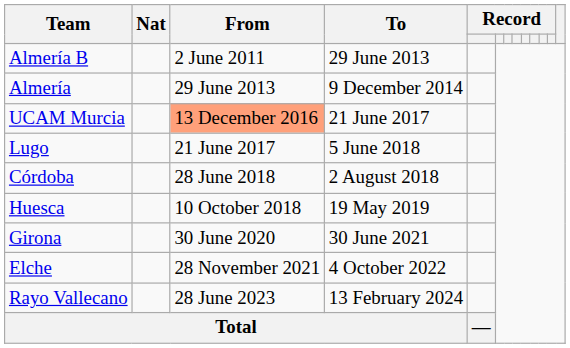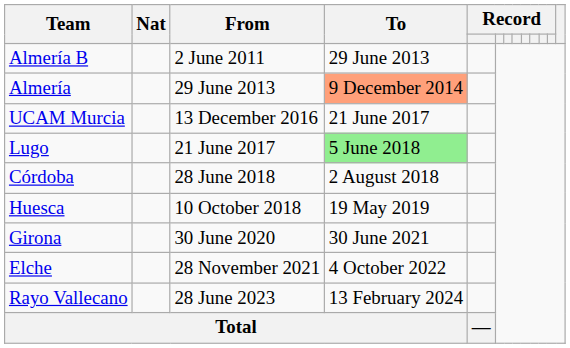 <table class="wikitable" style="text-align: center">
 <tr>
 <th rowspan="2">Team</th>
 <th rowspan="2">Nat</th>
 <th rowspan="2">From</th>
 <th rowspan="2">To</th>
 <th colspan="8">Record</th>
 <th rowspan=2></th>
 </tr>
 <tr>
 <th></th>
 <th></th>
 <th></th>
 <th></th>
 <th></th>
 <th></th>
 <th></th>
 <th></th>
 </tr>
 <tr>
 <td align="left"><a href='#'>Almería B</a></td>
 <td></td>
 <td align=left>2 June 2011</td>
 <td align=left>29 June 2013<br></td>
 <td></td>
 </tr>
 <tr>
 <td align="left"><a href='#'>Almería</a></td>
 <td></td>
 <td align=left>29 June 2013</td>
-<td align=left>9 December 2014<br></td>
+<td align=left style="background: lightsalmon;">9 December 2014<br></td>
 <td></td>
 </tr>
 <tr>
 <td align="left"><a href='#'>UCAM Murcia</a></td>
 <td></td>
-<td align=left style="background: lightsalmon;">13 December 2016</td>
+<td align=left>13 December 2016</td>
 <td align=left>21 June 2017<br></td>
 <td></td>
 </tr>
 <tr>
 <td align="left"><a href='#'>Lugo</a></td>
 <td></td>
 <td align=left>21 June 2017</td>
-<td align=left>5 June 2018<br></td>
+<td align=left style="background: lightgreen;">5 June 2018<br></td>
 <td></td>
 </tr>
 <tr>
 <td align="left"><a href='#'>Córdoba</a></td>
 <td></td>
 <td align=left>28 June 2018</td>
 <td align=left>2 August 2018<br></td>
 <td></td>
 </tr>
 <tr>
 <td align="left"><a href='#'>Huesca</a></td>
 <td></td>
 <td align=left>10 October 2018</td>
 <td align=left>19 May 2019<br></td>
 <td></td>
 </tr>
 <tr>
 <td align="left"><a href='#'>Girona</a></td>
 <td></td>
 <td align=left>30 June 2020</td>
 <td align=left>30 June 2021<br></td>
 <td></td>
 </tr>
 <tr>
 <td align="left"><a href='#'>Elche</a></td>
 <td></td>
 <td align=left>28 November 2021</td>
 <td align=left>4 October 2022<br></td>
 <td></td>
 </tr>
 <tr>
 <td align="left"><a href='#'>Rayo Vallecano</a></td>
 <td></td>
 <td align=left>28 June 2023</td>
 <td align=left>13 February 2024<br></td>
 <td></td>
 </tr>
 <tr>
 <th colspan="4">Total<br></th>
 <th>—</th>
 </tr>
 </table>
